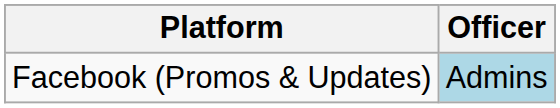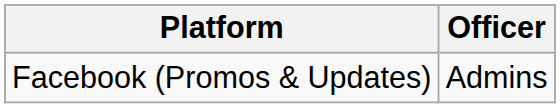 <table class="wikitable">
 <tr>
 <th>Platform</th>
 <th>Officer</th>
 </tr>
 <tr>
 <td>Facebook (Promos & Updates)</td>
-<td style="background: lightblue;">Admins</td>
+<td>Admins</td>
 </tr>
 </table>
